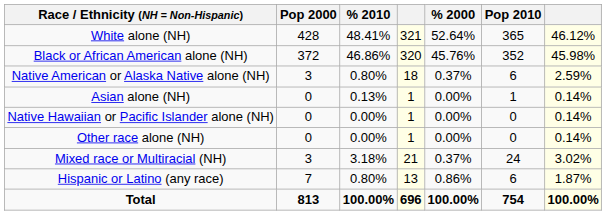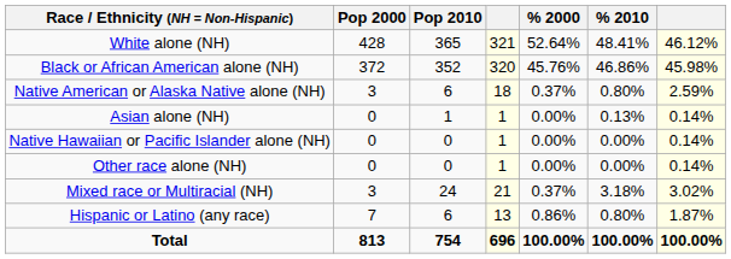 <table class="wikitable" style="text-align:center;">
 <tr>
 <th>Race / Ethnicity <small>(<em>NH = Non-Hispanic</em>)</small></th>
 <th>Pop 2000</th>
-<th>% 2010</th>
+<th>Pop 2010</th>
 <th></th>
 <th>% 2000</th>
-<th>Pop 2010</th>
+<th>% 2010</th>
 <th></th>
 </tr>
 <tr>
 <td><a href='#'>White</a> alone (NH)</td>
 <td>428</td>
-<td>48.41%</td>
+<td>365</td>
 <td style='background: #ffffe6;'>321</td>
 <td>52.64%</td>
-<td>365</td>
+<td>48.41%</td>
 <td style='background: #ffffe6;'>46.12%</td>
 </tr>
 <tr>
 <td><a href='#'>Black or African American</a> alone (NH)</td>
 <td>372</td>
-<td>46.86%</td>
+<td>352</td>
 <td style='background: #ffffe6;'>320</td>
 <td>45.76%</td>
-<td>352</td>
+<td>46.86%</td>
 <td style='background: #ffffe6;'>45.98%</td>
 </tr>
 <tr>
 <td><a href='#'>Native American</a> or <a href='#'>Alaska Native</a> alone (NH)</td>
 <td>3</td>
-<td>0.80%</td>
+<td>6</td>
 <td style='background: #ffffe6;'>18</td>
 <td>0.37%</td>
-<td>6</td>
+<td>0.80%</td>
 <td style='background: #ffffe6;'>2.59%</td>
 </tr>
 <tr>
 <td><a href='#'>Asian</a> alone (NH)</td>
 <td>0</td>
-<td>0.13%</td>
+<td>1</td>
 <td style='background: #ffffe6;'>1</td>
 <td>0.00%</td>
-<td>1</td>
+<td>0.13%</td>
 <td style='background: #ffffe6;'>0.14%</td>
 </tr>
 <tr>
 <td><a href='#'>Native Hawaiian</a> or <a href='#'>Pacific Islander</a> alone (NH)</td>
 <td>0</td>
-<td>0.00%</td>
+<td>0</td>
 <td style='background: #ffffe6;'>1</td>
 <td>0.00%</td>
-<td>0</td>
+<td>0.00%</td>
 <td style='background: #ffffe6;'>0.14%</td>
 </tr>
 <tr>
 <td><a href='#'>Other race</a> alone (NH)</td>
 <td>0</td>
-<td>0.00%</td>
+<td>0</td>
 <td style='background: #ffffe6;'>1</td>
 <td>0.00%</td>
-<td>0</td>
+<td>0.00%</td>
 <td style='background: #ffffe6;'>0.14%</td>
 </tr>
 <tr>
 <td><a href='#'>Mixed race or Multiracial</a> (NH)</td>
 <td>3</td>
-<td>3.18%</td>
+<td>24</td>
 <td style='background: #ffffe6;'>21</td>
 <td>0.37%</td>
-<td>24</td>
+<td>3.18%</td>
 <td style='background: #ffffe6;'>3.02%</td>
 </tr>
 <tr>
 <td><a href='#'>Hispanic or Latino</a> (any race)</td>
 <td>7</td>
-<td>0.80%</td>
+<td>6</td>
 <td style='background: #ffffe6;'>13</td>
 <td>0.86%</td>
-<td>6</td>
+<td>0.80%</td>
 <td style='background: #ffffe6;'>1.87%</td>
 </tr>
 <tr>
 <td><strong>Total</strong></td>
 <td><strong>813</strong></td>
-<td><strong>100.00%</strong></td>
+<td><strong>754</strong></td>
 <td style='background: #ffffe6;'><strong>696</strong></td>
 <td><strong>100.00%</strong></td>
-<td><strong>754</strong></td>
+<td><strong>100.00%</strong></td>
 <td style='background: #ffffe6;'><strong>100.00%</strong></td>
 </tr>
 </table>
